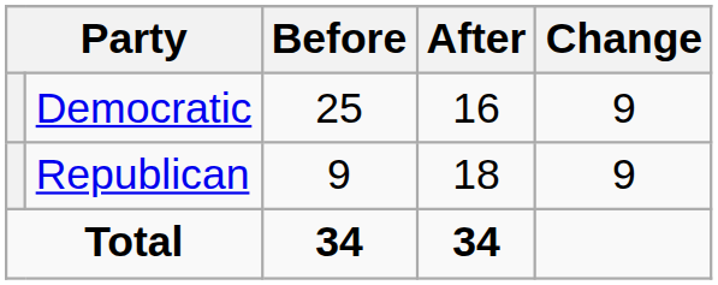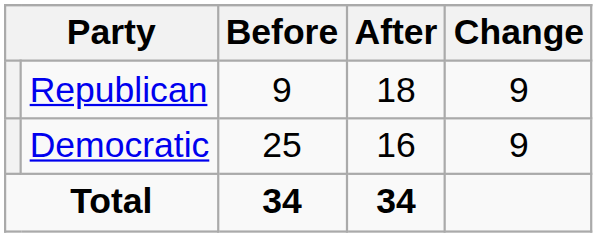 <table class="wikitable" style="text-align:center;">
 <tr>
 </tr>
 <tr>
 <th colspan=2>Party</th>
 <th>Before</th>
 <th>After</th>
 <th>Change</th>
 </tr>
 <tr>
 <th style="background-color:"></th>
-<td style="text-align:left;"><a href='#'>Democratic</a></td>
-<td>25</td>
-<td>16</td>
+<td style="text-align:left;"><a href='#'>Republican</a></td>
+<td>9</td>
+<td>18</td>
 <td> 9</td>
 </tr>
 <tr>
 <th style="background-color:"></th>
-<td style="text-align:left;"><a href='#'>Republican</a></td>
-<td>9</td>
-<td>18</td>
+<td style="text-align:left;"><a href='#'>Democratic</a></td>
+<td>25</td>
+<td>16</td>
 <td> 9</td>
 </tr>
 <tr>
 <td colspan=2><strong>Total</strong></td>
 <td><strong>34</strong></td>
 <td><strong>34</strong></td>
 <td></td>
 </tr>
 </table>
